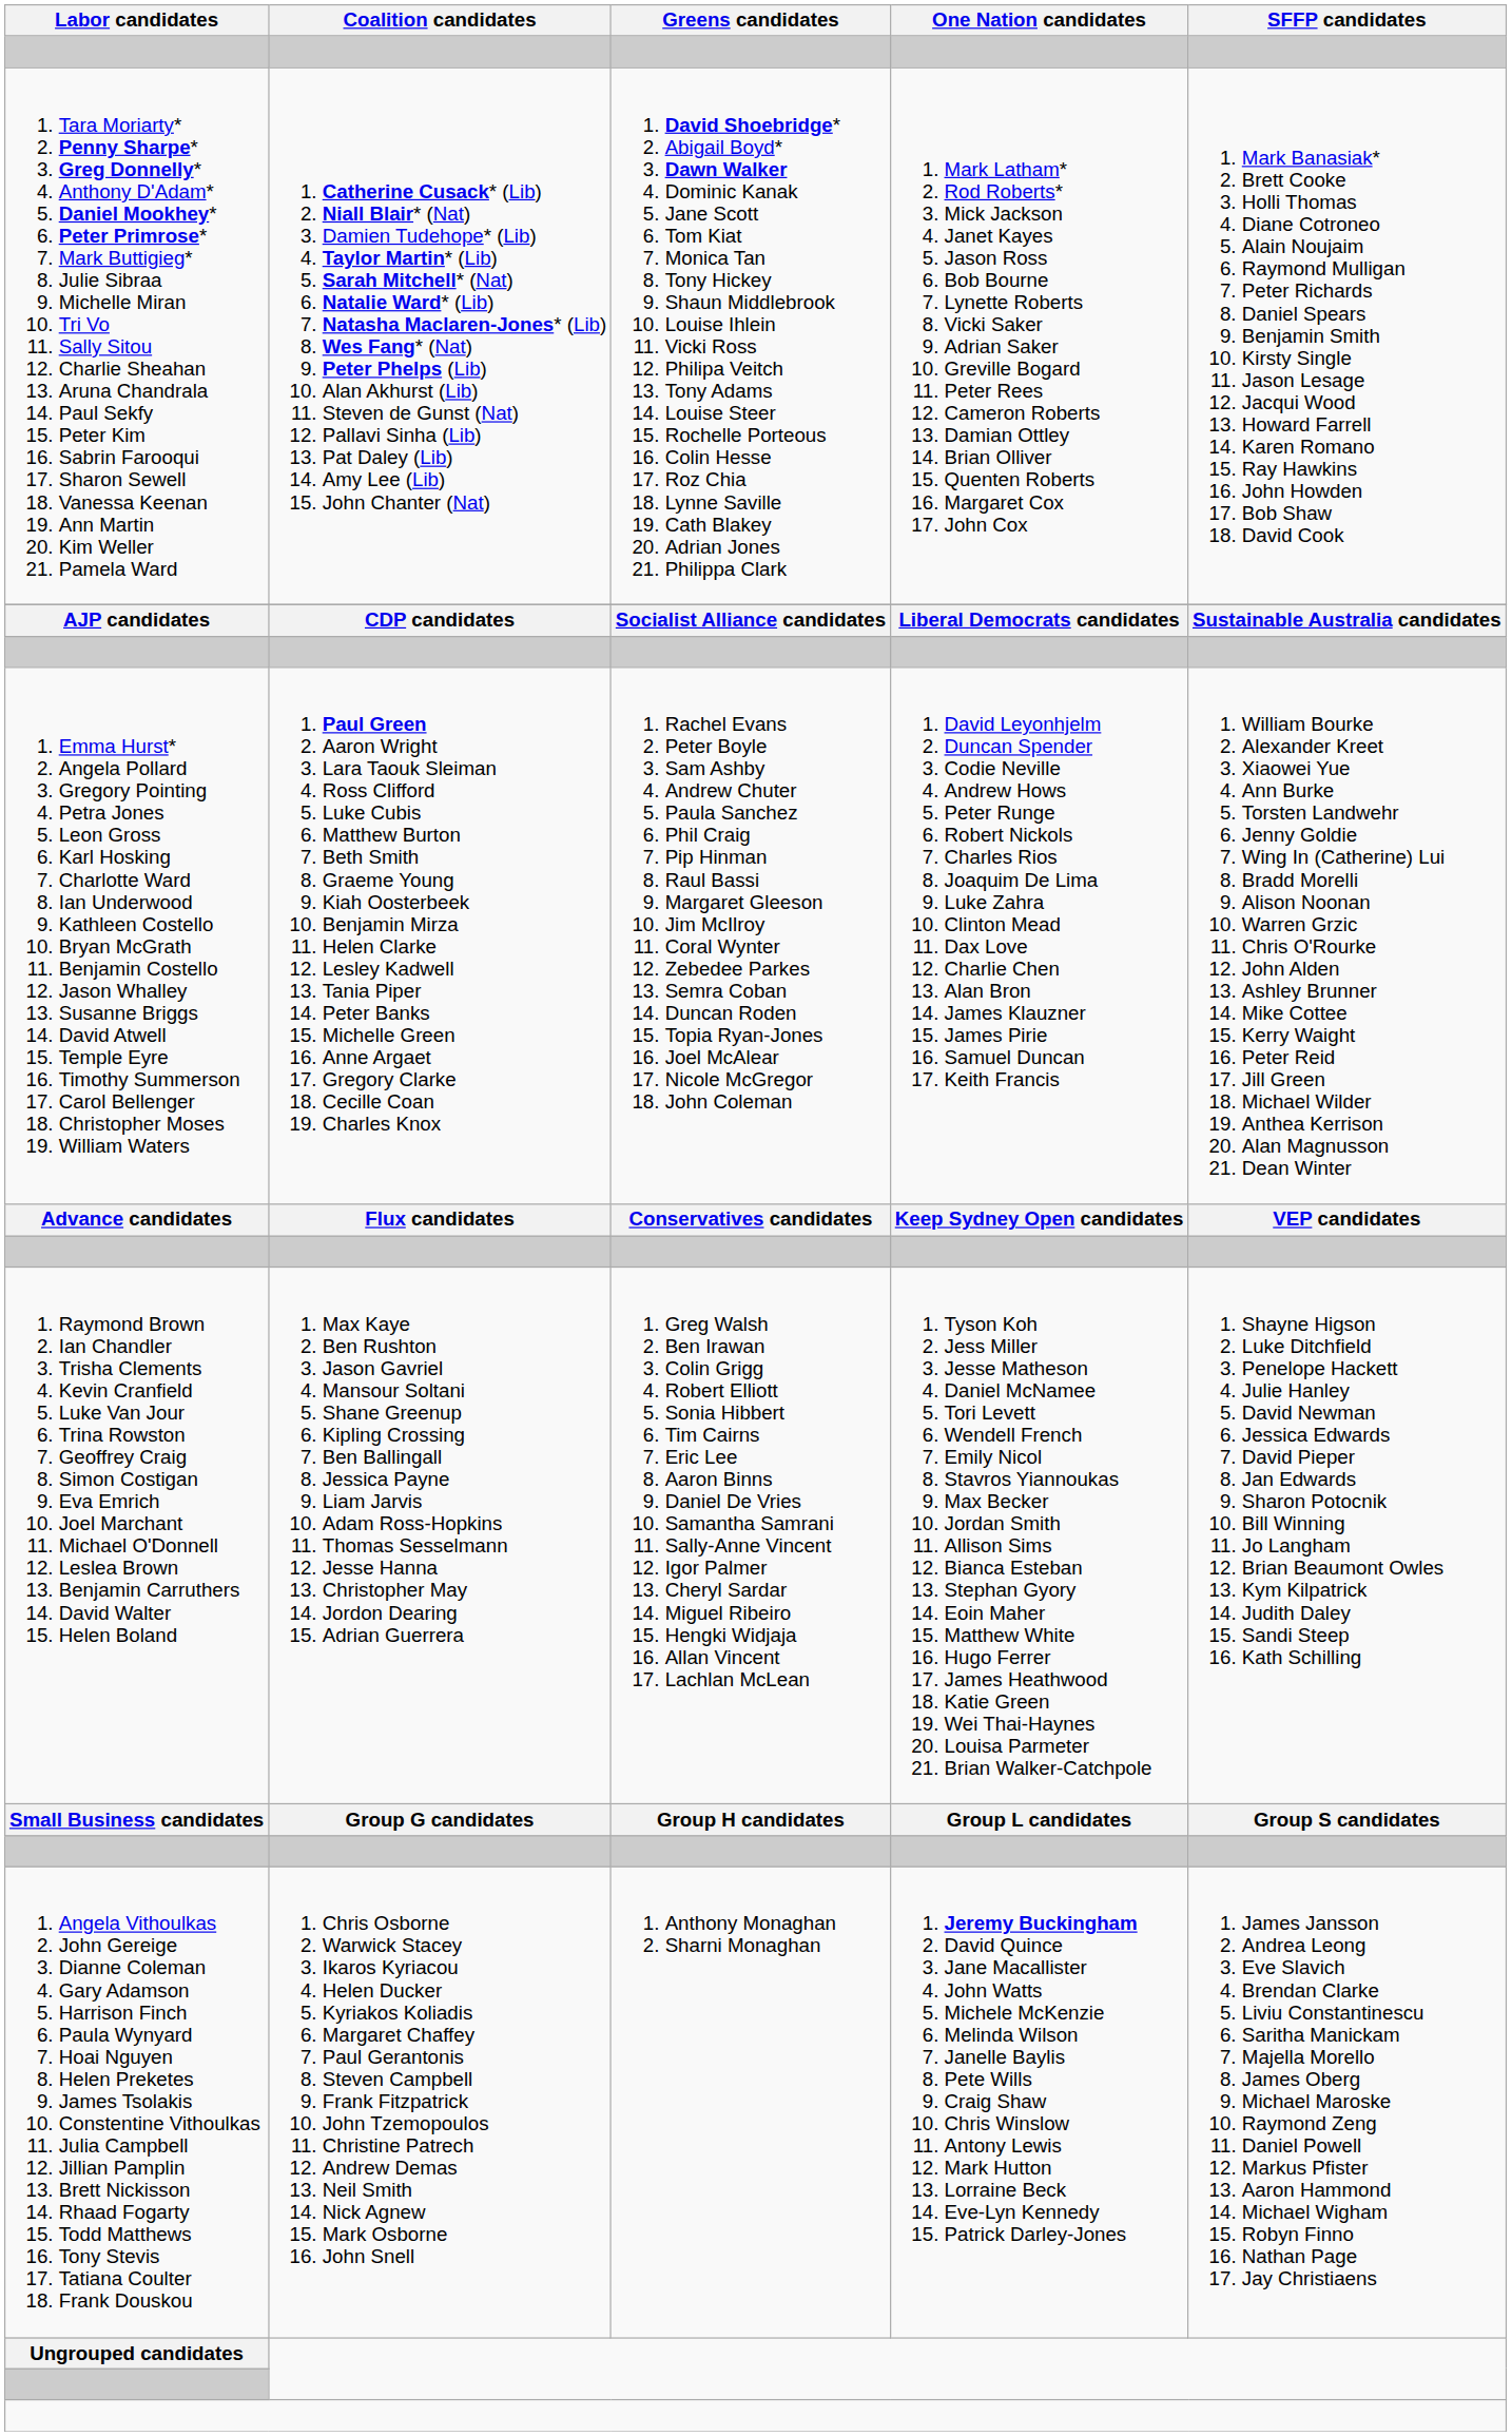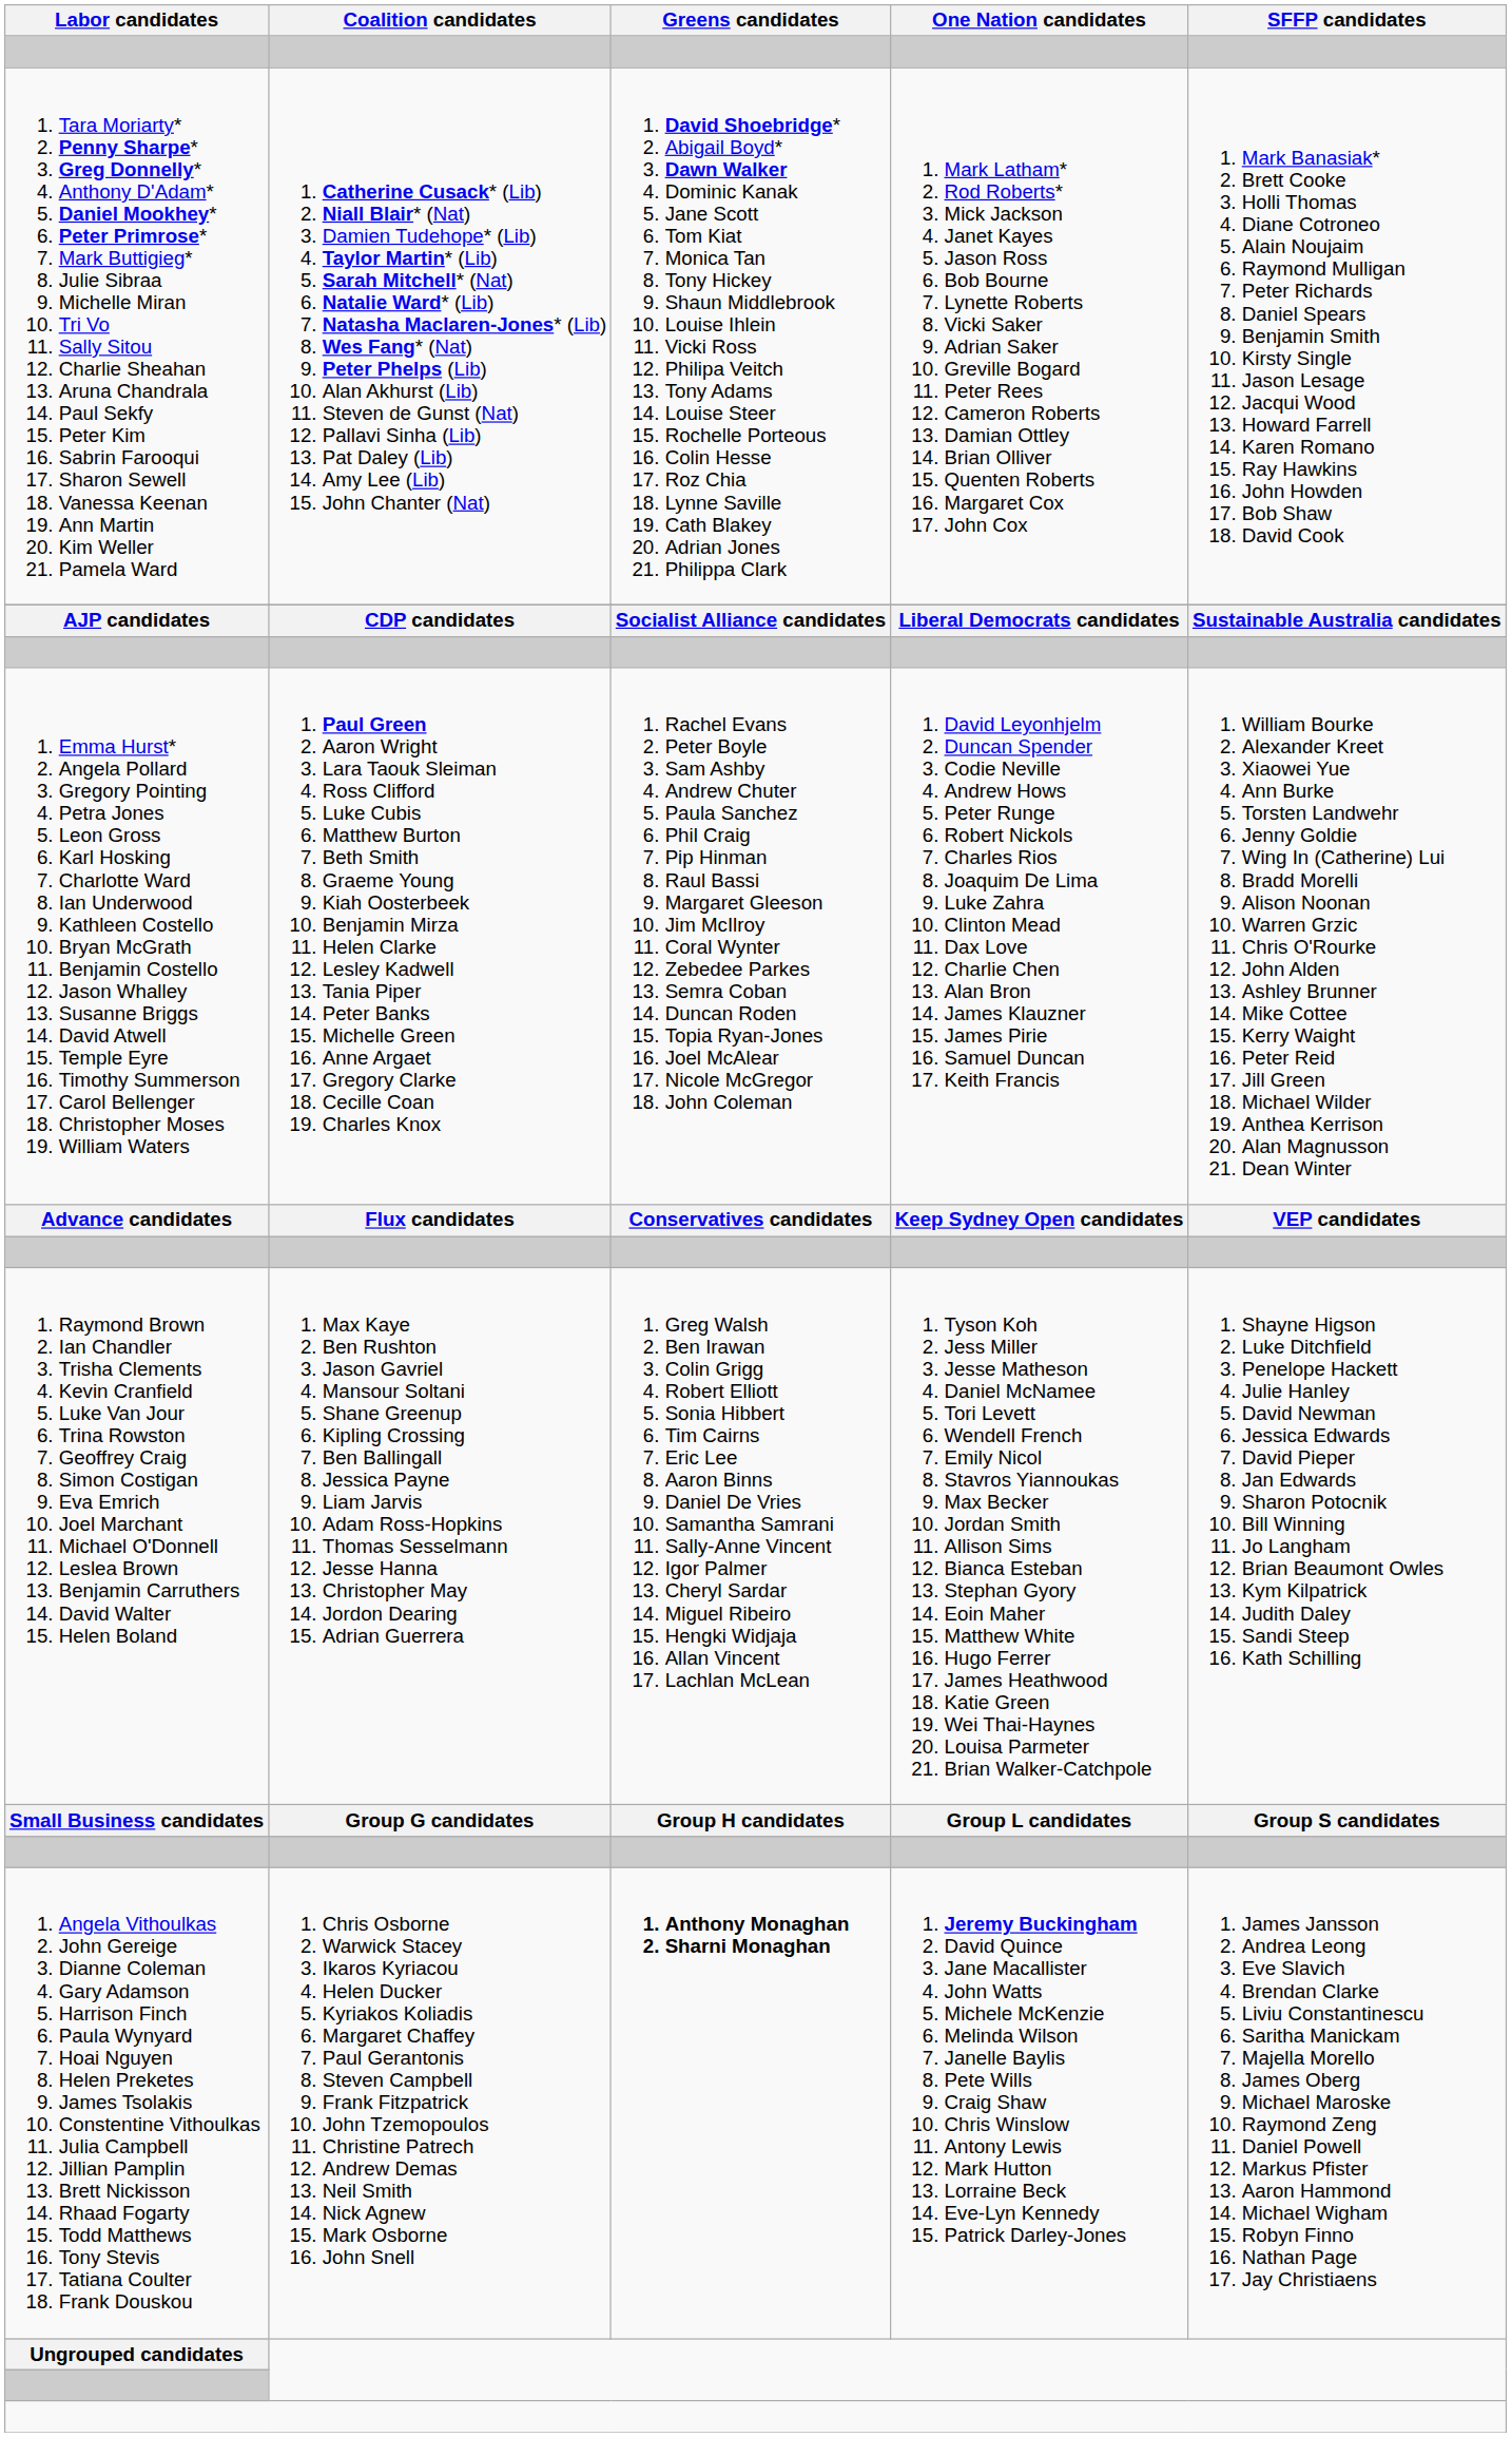 <table class="wikitable">
 <tr>
 <th><a href='#'>Labor</a> candidates</th>
 <th><a href='#'>Coalition</a> candidates</th>
 <th><a href='#'>Greens</a> candidates</th>
 <th><a href='#'>One Nation</a> candidates</th>
 <th><a href='#'>SFFP</a> candidates</th>
 </tr>
 <tr bgcolor="#cccccc">
 <td></td>
 <td></td>
 <td></td>
 <td></td>
 <td> </td>
 </tr>
 <tr>
 <td><br><ol><li><a href='#'>Tara Moriarty</a>*</li><li><strong><a href='#'>Penny Sharpe</a></strong>*</li><li><strong><a href='#'>Greg Donnelly</a></strong>*</li><li><a href='#'>Anthony D'Adam</a>*</li><li><strong><a href='#'>Daniel Mookhey</a></strong>*</li><li><strong><a href='#'>Peter Primrose</a></strong>*</li><li><a href='#'>Mark Buttigieg</a>*</li><li>Julie Sibraa</li><li>Michelle Miran</li><li><a href='#'>Tri Vo</a></li><li><a href='#'>Sally Sitou</a></li><li>Charlie Sheahan</li><li>Aruna Chandrala</li><li>Paul Sekfy</li><li>Peter Kim</li><li>Sabrin Farooqui</li><li>Sharon Sewell</li><li>Vanessa Keenan</li><li>Ann Martin</li><li>Kim Weller</li><li>Pamela Ward</li></ol></td>
 <td><br><ol><li><strong><a href='#'>Catherine Cusack</a></strong>* (<a href='#'>Lib</a>)</li><li><strong><a href='#'>Niall Blair</a></strong>* (<a href='#'>Nat</a>)</li><li><a href='#'>Damien Tudehope</a>* (<a href='#'>Lib</a>)</li><li><strong><a href='#'>Taylor Martin</a></strong>* (<a href='#'>Lib</a>)</li><li><strong><a href='#'>Sarah Mitchell</a></strong>* (<a href='#'>Nat</a>)</li><li><strong><a href='#'>Natalie Ward</a></strong>* (<a href='#'>Lib</a>)</li><li><strong><a href='#'>Natasha Maclaren-Jones</a></strong>* (<a href='#'>Lib</a>)</li><li><strong><a href='#'>Wes Fang</a></strong>* (<a href='#'>Nat</a>)</li><li><strong><a href='#'>Peter Phelps</a></strong> (<a href='#'>Lib</a>)</li><li>Alan Akhurst (<a href='#'>Lib</a>)</li><li>Steven de Gunst (<a href='#'>Nat</a>)</li><li>Pallavi Sinha (<a href='#'>Lib</a>)</li><li>Pat Daley (<a href='#'>Lib</a>)</li><li>Amy Lee (<a href='#'>Lib</a>)</li><li>John Chanter (<a href='#'>Nat</a>)</li></ol></td>
 <td><br><ol><li><strong><a href='#'>David Shoebridge</a></strong>*</li><li><a href='#'>Abigail Boyd</a>*</li><li><strong><a href='#'>Dawn Walker</a></strong></li><li>Dominic Kanak</li><li>Jane Scott</li><li>Tom Kiat</li><li>Monica Tan</li><li>Tony Hickey</li><li>Shaun Middlebrook</li><li>Louise Ihlein</li><li>Vicki Ross</li><li>Philipa Veitch</li><li>Tony Adams</li><li>Louise Steer</li><li>Rochelle Porteous</li><li>Colin Hesse</li><li>Roz Chia</li><li>Lynne Saville</li><li>Cath Blakey</li><li>Adrian Jones</li><li>Philippa Clark</li></ol></td>
 <td><br><ol><li><a href='#'>Mark Latham</a>*</li><li><a href='#'>Rod Roberts</a>*</li><li>Mick Jackson</li><li>Janet Kayes</li><li>Jason Ross</li><li>Bob Bourne</li><li>Lynette Roberts</li><li>Vicki Saker</li><li>Adrian Saker</li><li>Greville Bogard</li><li>Peter Rees</li><li>Cameron Roberts</li><li>Damian Ottley</li><li>Brian Olliver</li><li>Quenten Roberts</li><li>Margaret Cox</li><li>John Cox</li></ol></td>
 <td><br><ol><li><a href='#'>Mark Banasiak</a>*</li><li>Brett Cooke</li><li>Holli Thomas</li><li>Diane Cotroneo</li><li>Alain Noujaim</li><li>Raymond Mulligan</li><li>Peter Richards</li><li>Daniel Spears</li><li>Benjamin Smith</li><li>Kirsty Single</li><li>Jason Lesage</li><li>Jacqui Wood</li><li>Howard Farrell</li><li>Karen Romano</li><li>Ray Hawkins</li><li>John Howden</li><li>Bob Shaw</li><li>David Cook</li></ol></td>
 </tr>
 <tr>
 </tr>
 <tr bgcolor="#cccccc">
 <th><a href='#'>AJP</a> candidates</th>
 <th><a href='#'>CDP</a> candidates</th>
 <th><a href='#'>Socialist Alliance</a> candidates</th>
 <th><a href='#'>Liberal Democrats</a> candidates</th>
 <th><a href='#'>Sustainable Australia</a> candidates</th>
 </tr>
 <tr bgcolor="#cccccc">
 <td></td>
 <td></td>
 <td></td>
 <td></td>
 <td> </td>
 </tr>
 <tr>
 <td><br><ol><li><a href='#'>Emma Hurst</a>*</li><li>Angela Pollard</li><li>Gregory Pointing</li><li>Petra Jones</li><li>Leon Gross</li><li>Karl Hosking</li><li>Charlotte Ward</li><li>Ian Underwood</li><li>Kathleen Costello</li><li>Bryan McGrath</li><li>Benjamin Costello</li><li>Jason Whalley</li><li>Susanne Briggs</li><li>David Atwell</li><li>Temple Eyre</li><li>Timothy Summerson</li><li>Carol Bellenger</li><li>Christopher Moses</li><li>William Waters</li></ol></td>
 <td valign=top><br><ol><li><strong><a href='#'>Paul Green</a></strong></li><li>Aaron Wright</li><li>Lara Taouk Sleiman</li><li>Ross Clifford</li><li>Luke Cubis</li><li>Matthew Burton</li><li>Beth Smith</li><li>Graeme Young</li><li>Kiah Oosterbeek</li><li>Benjamin Mirza</li><li>Helen Clarke</li><li>Lesley Kadwell</li><li>Tania Piper</li><li>Peter Banks</li><li>Michelle Green</li><li>Anne Argaet</li><li>Gregory Clarke</li><li>Cecille Coan</li><li>Charles Knox</li></ol></td>
 <td valign=top><br><ol><li>Rachel Evans</li><li>Peter Boyle</li><li>Sam Ashby</li><li>Andrew Chuter</li><li>Paula Sanchez</li><li>Phil Craig</li><li>Pip Hinman</li><li>Raul Bassi</li><li>Margaret Gleeson</li><li>Jim McIlroy</li><li>Coral Wynter</li><li>Zebedee Parkes</li><li>Semra Coban</li><li>Duncan Roden</li><li>Topia Ryan-Jones</li><li>Joel McAlear</li><li>Nicole McGregor</li><li>John Coleman</li></ol></td>
 <td valign=top><br><ol><li><a href='#'>David Leyonhjelm</a></li><li><a href='#'>Duncan Spender</a></li><li>Codie Neville</li><li>Andrew Hows</li><li>Peter Runge</li><li>Robert Nickols</li><li>Charles Rios</li><li>Joaquim De Lima</li><li>Luke Zahra</li><li>Clinton Mead</li><li>Dax Love</li><li>Charlie Chen</li><li>Alan Bron</li><li>James Klauzner</li><li>James Pirie</li><li>Samuel Duncan</li><li>Keith Francis</li></ol></td>
 <td valign=top><br><ol><li>William Bourke</li><li>Alexander Kreet</li><li>Xiaowei Yue</li><li>Ann Burke</li><li>Torsten Landwehr</li><li>Jenny Goldie</li><li>Wing In (Catherine) Lui</li><li>Bradd Morelli</li><li>Alison Noonan</li><li>Warren Grzic</li><li>Chris O'Rourke</li><li>John Alden</li><li>Ashley Brunner</li><li>Mike Cottee</li><li>Kerry Waight</li><li>Peter Reid</li><li>Jill Green</li><li>Michael Wilder</li><li>Anthea Kerrison</li><li>Alan Magnusson</li><li>Dean Winter</li></ol></td>
 </tr>
 <tr bgcolor="#cccccc">
 <th><a href='#'>Advance</a> candidates</th>
 <th><a href='#'>Flux</a> candidates</th>
 <th><a href='#'>Conservatives</a> candidates</th>
 <th><a href='#'>Keep Sydney Open</a> candidates</th>
 <th><a href='#'>VEP</a> candidates</th>
 </tr>
 <tr bgcolor="#cccccc">
 <td> </td>
 <td></td>
 <td> </td>
 <td> </td>
 <td> </td>
 </tr>
 <tr>
 <td valign=top><br><ol><li>Raymond Brown</li><li>Ian Chandler</li><li>Trisha Clements</li><li>Kevin Cranfield</li><li>Luke Van Jour</li><li>Trina Rowston</li><li>Geoffrey Craig</li><li>Simon Costigan</li><li>Eva Emrich</li><li>Joel Marchant</li><li>Michael O'Donnell</li><li>Leslea Brown</li><li>Benjamin Carruthers</li><li>David Walter</li><li>Helen Boland</li></ol></td>
 <td valign=top><br><ol><li>Max Kaye</li><li>Ben Rushton</li><li>Jason Gavriel</li><li>Mansour Soltani</li><li>Shane Greenup</li><li>Kipling Crossing</li><li>Ben Ballingall</li><li>Jessica Payne</li><li>Liam Jarvis</li><li>Adam Ross-Hopkins</li><li>Thomas Sesselmann</li><li>Jesse Hanna</li><li>Christopher May</li><li>Jordon Dearing</li><li>Adrian Guerrera</li></ol></td>
 <td valign=top><br><ol><li>Greg Walsh</li><li>Ben Irawan</li><li>Colin Grigg</li><li>Robert Elliott</li><li>Sonia Hibbert</li><li>Tim Cairns</li><li>Eric Lee</li><li>Aaron Binns</li><li>Daniel De Vries</li><li>Samantha Samrani</li><li>Sally-Anne Vincent</li><li>Igor Palmer</li><li>Cheryl Sardar</li><li>Miguel Ribeiro</li><li>Hengki Widjaja</li><li>Allan Vincent</li><li>Lachlan McLean</li></ol></td>
 <td valign=top><br><ol><li>Tyson Koh</li><li>Jess Miller</li><li>Jesse Matheson</li><li>Daniel McNamee</li><li>Tori Levett</li><li>Wendell French</li><li>Emily Nicol</li><li>Stavros Yiannoukas</li><li>Max Becker</li><li>Jordan Smith</li><li>Allison Sims</li><li>Bianca Esteban</li><li>Stephan Gyory</li><li>Eoin Maher</li><li>Matthew White</li><li>Hugo Ferrer</li><li>James Heathwood</li><li>Katie Green</li><li>Wei Thai-Haynes</li><li>Louisa Parmeter</li><li>Brian Walker-Catchpole</li></ol></td>
 <td valign=top><br><ol><li>Shayne Higson</li><li>Luke Ditchfield</li><li>Penelope Hackett</li><li>Julie Hanley</li><li>David Newman</li><li>Jessica Edwards</li><li>David Pieper</li><li>Jan Edwards</li><li>Sharon Potocnik</li><li>Bill Winning</li><li>Jo Langham</li><li>Brian Beaumont Owles</li><li>Kym Kilpatrick</li><li>Judith Daley</li><li>Sandi Steep</li><li>Kath Schilling</li></ol></td>
 </tr>
 <tr bgcolor="#cccccc">
 <th><a href='#'>Small Business</a> candidates</th>
 <th>Group G candidates</th>
 <th>Group H candidates</th>
 <th>Group L candidates</th>
 <th>Group S candidates</th>
 </tr>
 <tr bgcolor="#cccccc">
 <td> </td>
 <td> </td>
 <td></td>
 <td> </td>
 <td></td>
 </tr>
 <tr>
 <td valign=top><br><ol><li><a href='#'>Angela Vithoulkas</a></li><li>John Gereige</li><li>Dianne Coleman</li><li>Gary Adamson</li><li>Harrison Finch</li><li>Paula Wynyard</li><li>Hoai Nguyen</li><li>Helen Preketes</li><li>James Tsolakis</li><li>Constentine Vithoulkas</li><li>Julia Campbell</li><li>Jillian Pamplin</li><li>Brett Nickisson</li><li>Rhaad Fogarty</li><li>Todd Matthews</li><li>Tony Stevis</li><li>Tatiana Coulter</li><li>Frank Douskou</li></ol></td>
 <td valign=top><br><ol><li>Chris Osborne</li><li>Warwick Stacey</li><li>Ikaros Kyriacou</li><li>Helen Ducker</li><li>Kyriakos Koliadis</li><li>Margaret Chaffey</li><li>Paul Gerantonis</li><li>Steven Campbell</li><li>Frank Fitzpatrick</li><li>John Tzemopoulos</li><li>Christine Patrech</li><li>Andrew Demas</li><li>Neil Smith</li><li>Nick Agnew</li><li>Mark Osborne</li><li>John Snell</li></ol></td>
-<td valign=top><br><ol><li>Anthony Monaghan</li><li>Sharni Monaghan</li></ol></td>
+<td valign=top><strong><br><ol><li>Anthony Monaghan</li><li>Sharni Monaghan</li></ol></strong></td>
 <td valign=top><br><ol><li><strong><a href='#'>Jeremy Buckingham</a></strong></li><li>David Quince</li><li>Jane Macallister</li><li>John Watts</li><li>Michele McKenzie</li><li>Melinda Wilson</li><li>Janelle Baylis</li><li>Pete Wills</li><li>Craig Shaw</li><li>Chris Winslow</li><li>Antony Lewis</li><li>Mark Hutton</li><li>Lorraine Beck</li><li>Eve-Lyn Kennedy</li><li>Patrick Darley-Jones</li></ol></td>
 <td valign=top><br><ol><li>James Jansson</li><li>Andrea Leong</li><li>Eve Slavich</li><li>Brendan Clarke</li><li>Liviu Constantinescu</li><li>Saritha Manickam</li><li>Majella Morello</li><li>James Oberg</li><li>Michael Maroske</li><li>Raymond Zeng</li><li>Daniel Powell</li><li>Markus Pfister</li><li>Aaron Hammond</li><li>Michael Wigham</li><li>Robyn Finno</li><li>Nathan Page</li><li>Jay Christiaens</li></ol></td>
 </tr>
 <tr bgcolor="#cccccc">
 <th>Ungrouped candidates</th>
 </tr>
 <tr bgcolor="#cccccc">
 <td> </td>
 </tr>
 <tr>
 <td valign=top colspan=5><br></td>
 </tr>
 </table>
